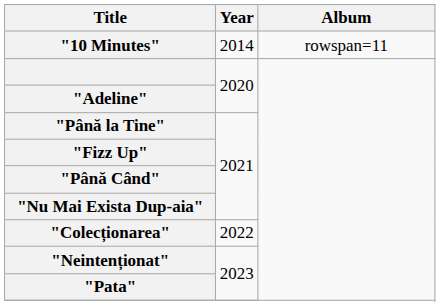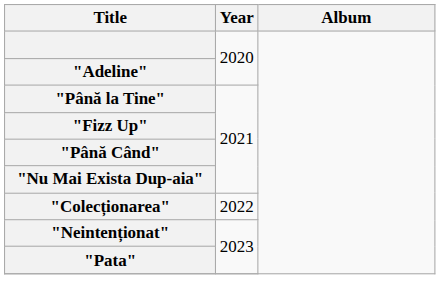 <table class="wikitable plainrowheaders" style="text-align:center;">
 <tr>
 <th scope="col" style="width:12em;">Title</th>
 <th scope="col">Year</th>
 <th scope="col" style="width:10em;">Album</th>
-</tr>
-<tr>
-<th scope="row">"10 Minutes"<br></th>
-<td>2014</td>
-<td>rowspan=11 </td>
 </tr>
 <tr>
 <th scope="row"><br></th>
 <td rowspan=2>2020</td>
 </tr>
 <tr>
 <th scope="row">"Adeline"</th>
 </tr>
 <tr>
 <th scope="row">"Până la Tine"</th>
 <td rowspan=4>2021</td>
 </tr>
 <tr>
 <th scope="row">"Fizz Up"</th>
 </tr>
 <tr>
 <th scope="row">"Până Când"</th>
 </tr>
 <tr>
 <th scope="row">"Nu Mai Exista Dup-aia"</th>
 </tr>
 <tr>
 <th scope="row">"Colecționarea"</th>
 <td>2022</td>
 </tr>
 <tr>
 <th scope="row">"Neintenționat"<br></th>
 <td rowspan=2>2023</td>
 </tr>
 <tr>
 <th scope="row">"Pata"<br></th>
 </tr>
 <tr>
 </tr>
 </table>
